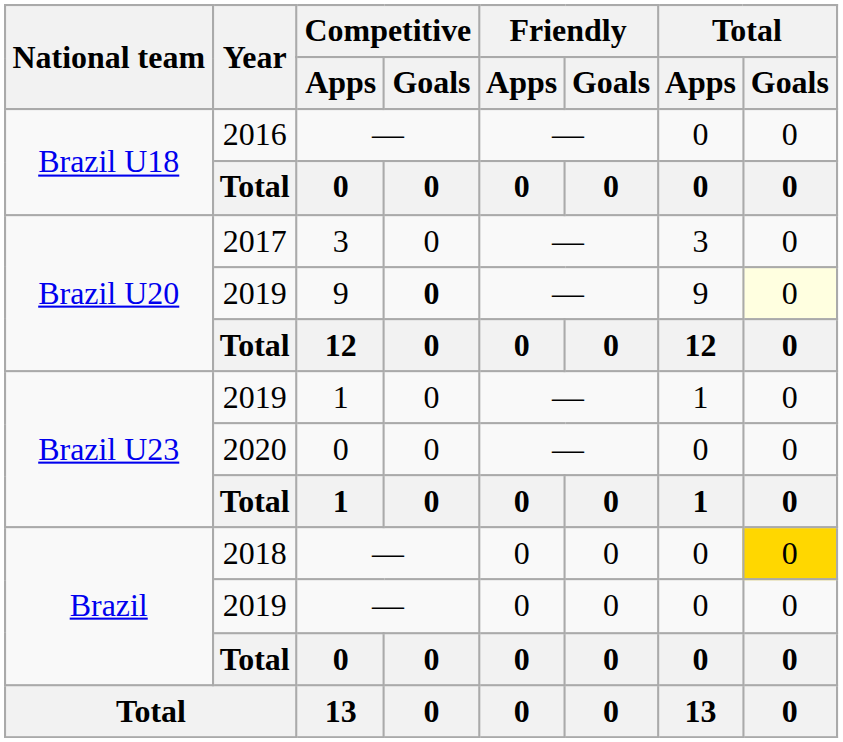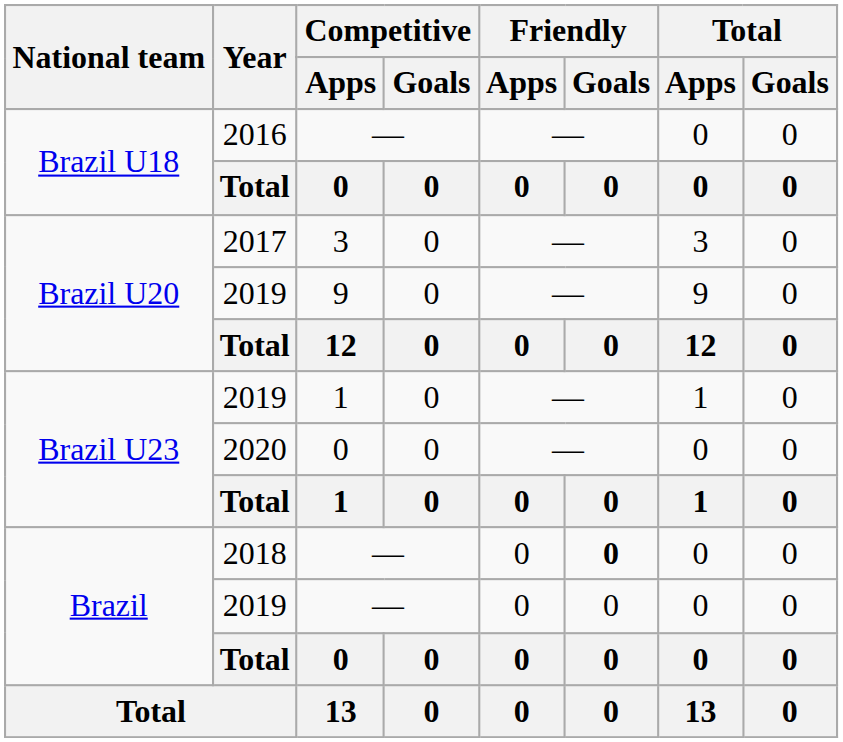 <table class="wikitable" style="text-align:center; font-size:96%">
 <tr>
 <th rowspan=2>National team</th>
 <th rowspan=2>Year</th>
 <th colspan=2>Competitive</th>
 <th colspan=2>Friendly</th>
 <th colspan=2>Total</th>
 </tr>
 <tr>
 <th>Apps</th>
 <th>Goals</th>
 <th>Apps</th>
 <th>Goals</th>
 <th>Apps</th>
 <th>Goals</th>
 </tr>
 <tr>
 <td rowspan=2><a href='#'>Brazil U18</a></td>
 <td>2016</td>
 <td colspan=2>—</td>
 <td colspan=2>—</td>
 <td>0</td>
 <td>0</td>
 </tr>
 <tr>
 <th>Total</th>
 <th>0</th>
 <th>0</th>
 <th>0</th>
 <th>0</th>
 <th>0</th>
 <th>0</th>
 </tr>
 <tr>
 <td rowspan=3><a href='#'>Brazil U20</a></td>
 <td>2017</td>
 <td>3</td>
 <td>0</td>
 <td colspan=2>—</td>
 <td>3</td>
 <td>0</td>
 </tr>
 <tr>
 <td>2019</td>
 <td>9</td>
-<td><strong>0</strong></td>
+<td>0</td>
 <td colspan=2>—</td>
 <td>9</td>
-<td style="background: lightyellow;">0</td>
+<td>0</td>
 </tr>
 <tr>
 <th>Total</th>
 <th>12</th>
 <th>0</th>
 <th>0</th>
 <th>0</th>
 <th>12</th>
 <th>0</th>
 </tr>
 <tr>
 <td rowspan=3><a href='#'>Brazil U23</a></td>
 <td>2019</td>
 <td>1</td>
 <td>0</td>
 <td colspan=2>—</td>
 <td>1</td>
 <td>0</td>
 </tr>
 <tr>
 <td>2020</td>
 <td>0</td>
 <td>0</td>
 <td colspan=2>—</td>
 <td>0</td>
 <td>0</td>
 </tr>
 <tr>
 <th>Total</th>
 <th>1</th>
 <th>0</th>
 <th>0</th>
 <th>0</th>
 <th>1</th>
 <th>0</th>
 </tr>
 <tr>
 <td rowspan=3><a href='#'>Brazil</a></td>
 <td>2018</td>
 <td colspan=2>—</td>
 <td>0</td>
+<td><strong>0</strong></td>
 <td>0</td>
 <td>0</td>
-<td style="background: gold;">0</td>
 </tr>
 <tr>
 <td>2019</td>
 <td colspan=2>—</td>
 <td>0</td>
 <td>0</td>
 <td>0</td>
 <td>0</td>
 </tr>
 <tr>
 <th>Total</th>
 <th>0</th>
 <th>0</th>
 <th>0</th>
 <th>0</th>
 <th>0</th>
 <th>0</th>
 </tr>
 <tr>
 <th colspan=2>Total</th>
 <th>13</th>
 <th>0</th>
 <th>0</th>
 <th>0</th>
 <th>13</th>
 <th>0</th>
 </tr>
 </table>
